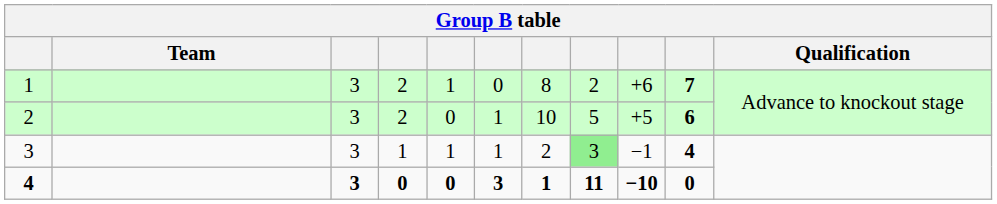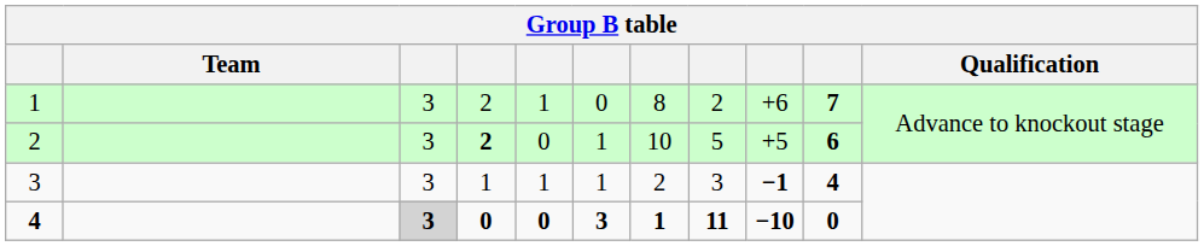 <table class="wikitable" style="text-align:center">
 <tr>
 <th colspan="11"><a href='#'>Group B</a> table</th>
 </tr>
 <tr>
 <th width="30"></th>
 <th width="210">Team</th>
 <th width="30"></th>
 <th width="30"></th>
 <th width="30"></th>
 <th width="30"></th>
 <th width="30"></th>
 <th width="30"></th>
 <th width="30"></th>
 <th width="30"></th>
 <th width="210">Qualification</th>
 </tr>
 <tr bgcolor="#ccffcc">
 <td>1</td>
 <td align="left"></td>
 <td>3</td>
 <td>2</td>
 <td>1</td>
 <td>0</td>
 <td>8</td>
 <td>2</td>
 <td>+6</td>
 <td><strong>7</strong></td>
 <td rowspan="2">Advance to knockout stage</td>
 </tr>
 <tr bgcolor="#ccffcc">
 <td>2</td>
 <td align="left"></td>
 <td>3</td>
-<td>2</td>
+<td><strong>2</strong></td>
 <td>0</td>
 <td>1</td>
 <td>10</td>
 <td>5</td>
 <td>+5</td>
 <td><strong>6</strong></td>
 </tr>
 <tr>
 <td>3</td>
 <td align="left"></td>
 <td>3</td>
 <td>1</td>
 <td>1</td>
 <td>1</td>
 <td>2</td>
-<td style="background: lightgreen;">3</td>
-<td>−1</td>
+<td>3</td>
+<td><strong>−1</strong></td>
 <td><strong>4</strong></td>
 <td rowspan="2"></td>
 </tr>
 <tr>
 <td><strong>4</strong></td>
 <td align="left"><strong></strong></td>
-<td><strong>3</strong></td>
+<td style="background: lightgrey;"><strong>3</strong></td>
 <td><strong>0</strong></td>
 <td><strong>0</strong></td>
 <td><strong>3</strong></td>
 <td><strong>1</strong></td>
 <td><strong>11</strong></td>
 <td><strong>−10</strong></td>
 <td><strong>0</strong></td>
 </tr>
 </table>
